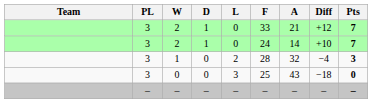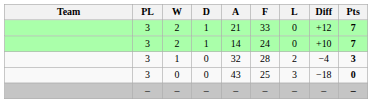 <table class=wikitable style="text-align:center">
 <tr bgcolor="#DCDCDC">
 <th width=200>Team</th>
 <th width=40>PL</th>
 <th width=40>W</th>
 <th width=40>D</th>
+<th width=40>A</th>
+<th width=40>F</th>
 <th width=40>L</th>
-<th width=40>F</th>
-<th width=40>A</th>
 <th width=40>Diff</th>
 <th width=40>Pts</th>
 </tr>
 <tr bgcolor=#AAFFAA>
 <td align=left></td>
 <td>3</td>
 <td>2</td>
 <td>1</td>
+<td>21</td>
+<td>33</td>
 <td>0</td>
-<td>33</td>
-<td>21</td>
 <td>+12</td>
 <td><strong>7</strong></td>
 </tr>
 <tr bgcolor=#AAFFAA>
 <td align=left></td>
 <td>3</td>
 <td>2</td>
 <td>1</td>
+<td>14</td>
+<td>24</td>
 <td>0</td>
-<td>24</td>
-<td>14</td>
 <td>+10</td>
 <td><strong>7</strong></td>
 </tr>
 <tr>
 <td align=left></td>
 <td>3</td>
 <td>1</td>
 <td>0</td>
+<td>32</td>
+<td>28</td>
 <td>2</td>
-<td>28</td>
-<td>32</td>
 <td>−4</td>
 <td><strong>3</strong></td>
 </tr>
 <tr>
 <td align=left></td>
 <td>3</td>
 <td>0</td>
 <td>0</td>
+<td>43</td>
+<td>25</td>
 <td>3</td>
-<td>25</td>
-<td>43</td>
 <td>−18</td>
 <td><strong>0</strong></td>
 </tr>
 <tr style="background:#c5c5c5;">
 <td align=left></td>
 <td>–</td>
 <td>–</td>
 <td>–</td>
 <td>–</td>
 <td>–</td>
 <td>–</td>
 <td>–</td>
 <td><strong>–</strong></td>
 </tr>
 </table>
